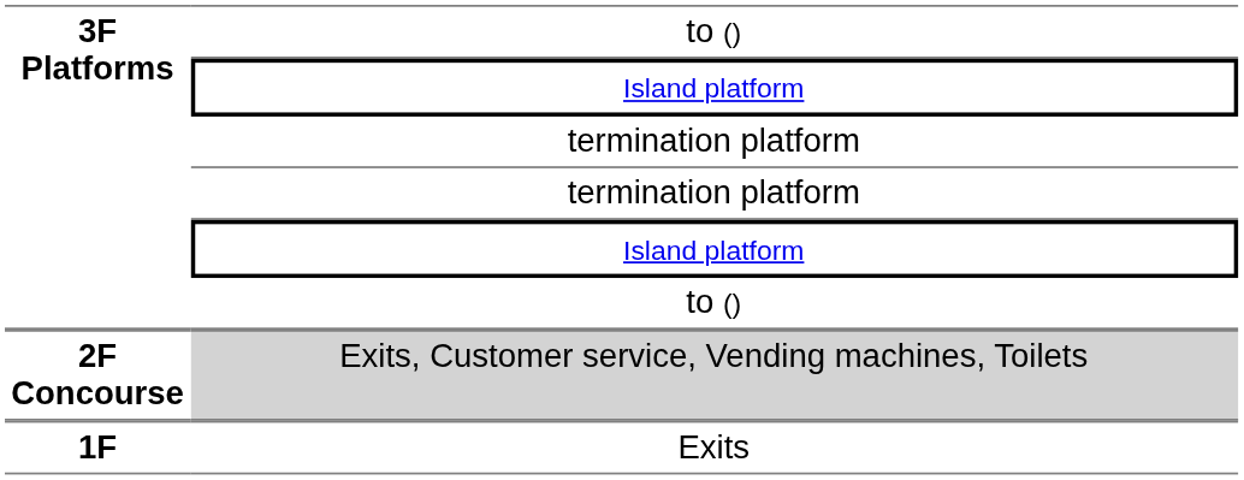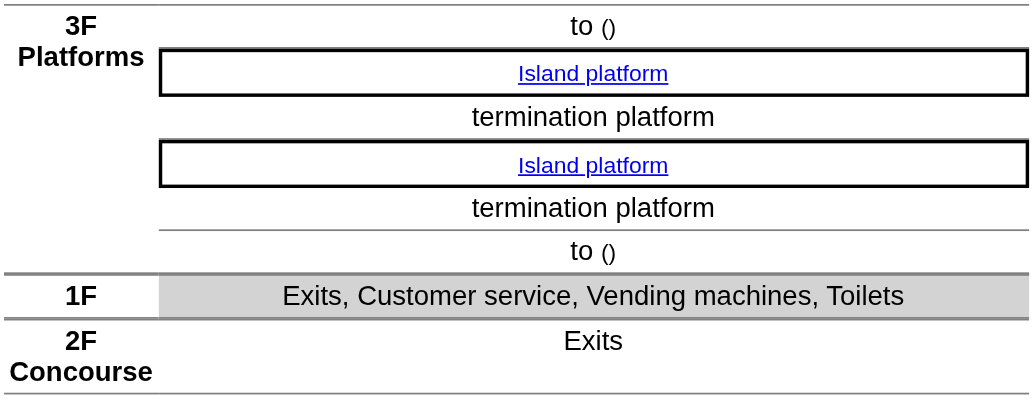 <table table border=0 cellspacing=0 cellpadding=3>
 <tr>
 <td style="border-bottom:solid 1px gray;border-top:solid 1px gray;text-align:center" rowspan="6" valign=top width=50><strong>3F<br>Platforms</strong></td>
 <td style="border-bottom:solid 1px gray;border-top:solid 1px gray;text-align:center;">  to  <small>()</small></td>
 </tr>
 <tr>
 <td style="border-right:solid 2px black;border-left:solid 2px black;border-top:solid 2px black;border-bottom:solid 2px black;text-align:center;"><small><a href='#'>Island platform</a></small></td>
 </tr>
 <tr>
 <td style="border-bottom:solid 1px gray;text-align:center;"> termination platform </td>
 </tr>
 <tr>
-<td style="border-bottom:solid 1px gray;text-align:center;">  termination platform</td>
+<td style="border-right:solid 2px black;border-left:solid 2px black;border-top:solid 2px black;border-bottom:solid 2px black;text-align:center;"><small><a href='#'>Island platform</a></small></td>
 </tr>
 <tr>
-<td style="border-right:solid 2px black;border-left:solid 2px black;border-top:solid 2px black;border-bottom:solid 2px black;text-align:center;"><small><a href='#'>Island platform</a></small></td>
+<td style="border-bottom:solid 1px gray;text-align:center;">  termination platform</td>
 </tr>
 <tr>
 <td style="border-bottom:solid 1px gray;text-align:center;"> to  <small>()</small> </td>
 </tr>
 <tr>
-<td style="border-bottom:solid 1px gray; border-top:solid 1px gray;text-align:center" valign=top><strong>2F<br>Concourse</strong></td>
+<td style="border-bottom:solid 1px gray; border-top:solid 1px gray;text-align:center" valign=top><strong>1F</strong></td>
 <td style="background: lightgrey; border-bottom:solid 1px gray; border-top:solid 1px gray;text-align:center" valign=top width=500>Exits, Customer service, Vending machines, Toilets</td>
 </tr>
 <tr>
-<td style="border-bottom:solid 1px gray; border-top:solid 1px gray;text-align:center" valign=top><strong>1F</strong></td>
+<td style="border-bottom:solid 1px gray; border-top:solid 1px gray;text-align:center" valign=top><strong>2F<br>Concourse</strong></td>
 <td style="border-bottom:solid 1px gray; border-top:solid 1px gray;text-align:center" valign=top width=500>Exits</td>
 </tr>
 </table>
